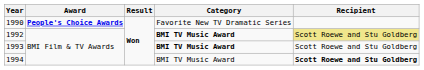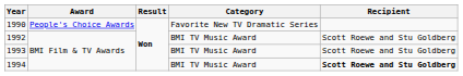 <table class="wikitable" style="font-size: 90%;">
 <tr>
 <th>Year</th>
 <th>Award</th>
 <th>Result</th>
 <th>Category</th>
 <th>Recipient</th>
 </tr>
 <tr>
 <td>1990</td>
-<td><strong><a href='#'>People's Choice Awards</a></strong></td>
+<td><a href='#'>People's Choice Awards</a></td>
 <td rowspan=4><strong>Won</strong></td>
 <td>Favorite New TV Dramatic Series</td>
 <td></td>
 </tr>
 <tr>
 <td>1992</td>
 <td rowspan=3>BMI Film & TV Awards</td>
-<td><strong>BMI TV Music Award</strong></td>
-<td style="background: khaki;">Scott Roewe and Stu Goldberg</td>
+<td>BMI TV Music Award</td>
+<td>Scott Roewe and Stu Goldberg</td>
 </tr>
 <tr>
 <td>1993</td>
-<td><strong>BMI TV Music Award</strong></td>
+<td>BMI TV Music Award</td>
 <td>Scott Roewe and Stu Goldberg</td>
 </tr>
 <tr>
 <td>1994</td>
 <td>BMI TV Music Award</td>
 <td><strong>Scott Roewe and Stu Goldberg</strong></td>
 </tr>
 </table>
